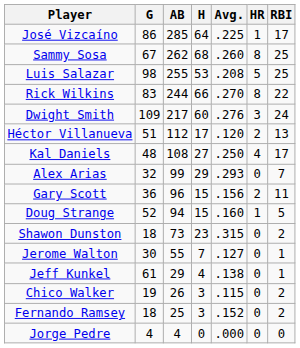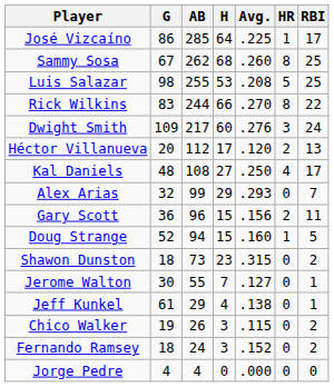 <table class="wikitable sortable" style="text-align:center">
 <tr>
 <th>Player</th>
 <th>G</th>
 <th>AB</th>
 <th>H</th>
 <th>Avg.</th>
 <th>HR</th>
 <th>RBI</th>
 </tr>
 <tr>
 <td><a href='#'>José Vizcaíno</a></td>
 <td>86</td>
 <td>285</td>
 <td>64</td>
 <td>.225</td>
 <td>1</td>
 <td>17</td>
 </tr>
 <tr>
 <td><a href='#'>Sammy Sosa</a></td>
 <td>67</td>
 <td>262</td>
 <td>68</td>
 <td>.260</td>
 <td>8</td>
 <td>25</td>
 </tr>
 <tr>
 <td><a href='#'>Luis Salazar</a></td>
 <td>98</td>
 <td>255</td>
 <td>53</td>
 <td>.208</td>
 <td>5</td>
 <td>25</td>
 </tr>
 <tr>
 <td><a href='#'>Rick Wilkins</a></td>
 <td>83</td>
 <td>244</td>
 <td>66</td>
 <td>.270</td>
 <td>8</td>
 <td>22</td>
 </tr>
 <tr>
 <td><a href='#'>Dwight Smith</a></td>
 <td>109</td>
 <td>217</td>
 <td>60</td>
 <td>.276</td>
 <td>3</td>
 <td>24</td>
 </tr>
 <tr>
 <td><a href='#'>Héctor Villanueva</a></td>
-<td>51</td>
+<td>20</td>
 <td>112</td>
 <td>17</td>
 <td>.120</td>
 <td>2</td>
 <td>13</td>
 </tr>
 <tr>
 <td><a href='#'>Kal Daniels</a></td>
 <td>48</td>
 <td>108</td>
 <td>27</td>
 <td>.250</td>
 <td>4</td>
 <td>17</td>
 </tr>
 <tr>
 <td><a href='#'>Alex Arias</a></td>
 <td>32</td>
 <td>99</td>
 <td>29</td>
 <td>.293</td>
 <td>0</td>
 <td>7</td>
 </tr>
 <tr>
 <td><a href='#'>Gary Scott</a></td>
 <td>36</td>
 <td>96</td>
 <td>15</td>
 <td>.156</td>
 <td>2</td>
 <td>11</td>
 </tr>
 <tr>
 <td><a href='#'>Doug Strange</a></td>
 <td>52</td>
 <td>94</td>
 <td>15</td>
 <td>.160</td>
 <td>1</td>
 <td>5</td>
 </tr>
 <tr>
 <td><a href='#'>Shawon Dunston</a></td>
 <td>18</td>
 <td>73</td>
 <td>23</td>
 <td>.315</td>
 <td>0</td>
 <td>2</td>
 </tr>
 <tr>
 <td><a href='#'>Jerome Walton</a></td>
 <td>30</td>
 <td>55</td>
 <td>7</td>
 <td>.127</td>
 <td>0</td>
 <td>1</td>
 </tr>
 <tr>
 <td><a href='#'>Jeff Kunkel</a></td>
 <td>61</td>
 <td>29</td>
 <td>4</td>
 <td>.138</td>
 <td>0</td>
 <td>1</td>
 </tr>
 <tr>
 <td><a href='#'>Chico Walker</a></td>
 <td>19</td>
 <td>26</td>
 <td>3</td>
 <td>.115</td>
 <td>0</td>
 <td>2</td>
 </tr>
 <tr>
 <td><a href='#'>Fernando Ramsey</a></td>
 <td>18</td>
-<td>25</td>
+<td>24</td>
 <td>3</td>
 <td>.152</td>
 <td>0</td>
 <td>2</td>
 </tr>
 <tr>
 <td><a href='#'>Jorge Pedre</a></td>
 <td>4</td>
 <td>4</td>
 <td>0</td>
 <td>.000</td>
 <td>0</td>
 <td>0</td>
 </tr>
 </table>
